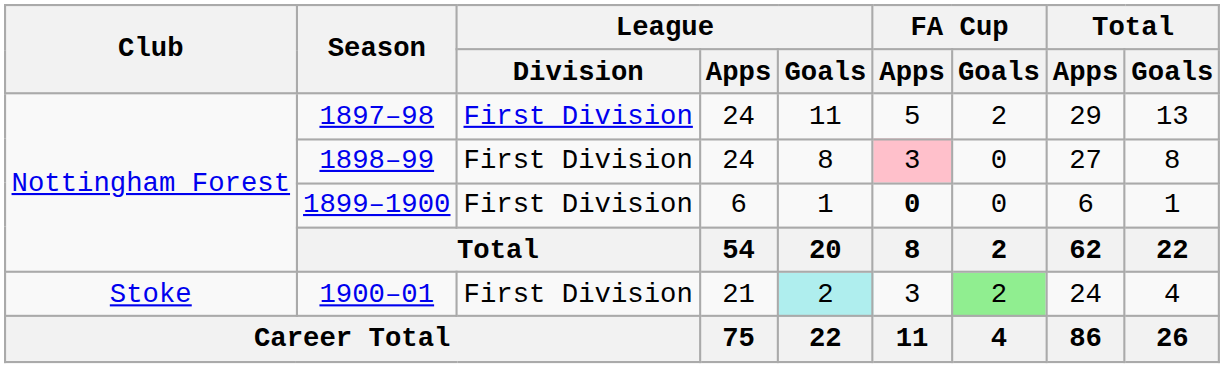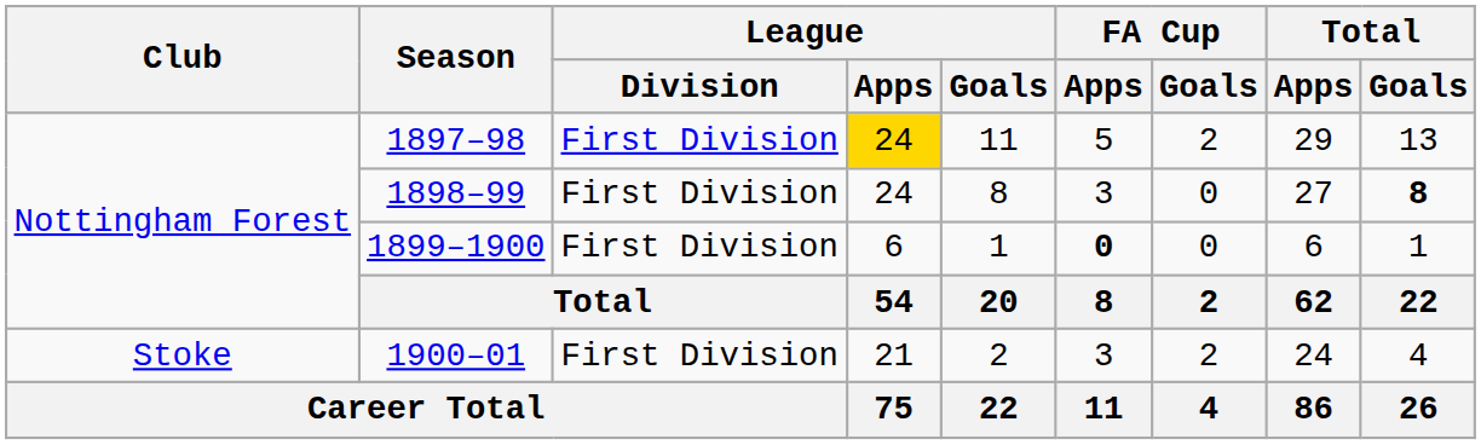 <table class="wikitable" style="text-align: center;">
 <tr>
 <th rowspan="2">Club</th>
 <th rowspan="2">Season</th>
 <th colspan="3">League</th>
 <th colspan="2">FA Cup</th>
 <th colspan="2">Total</th>
 </tr>
 <tr>
 <th>Division</th>
 <th>Apps</th>
 <th>Goals</th>
 <th>Apps</th>
 <th>Goals</th>
 <th>Apps</th>
 <th>Goals</th>
 </tr>
 <tr>
 <td rowspan="4"><a href='#'>Nottingham Forest</a></td>
 <td><a href='#'>1897–98</a></td>
 <td><a href='#'>First Division</a></td>
-<td>24</td>
+<td style="background: gold;">24</td>
 <td>11</td>
 <td>5</td>
 <td>2</td>
 <td>29</td>
 <td>13</td>
 </tr>
 <tr>
 <td><a href='#'>1898–99</a></td>
 <td>First Division</td>
 <td>24</td>
 <td>8</td>
-<td style="background: pink;">3</td>
+<td>3</td>
 <td>0</td>
 <td>27</td>
-<td>8</td>
+<td><strong>8</strong></td>
 </tr>
 <tr>
 <td><a href='#'>1899–1900</a></td>
 <td>First Division</td>
 <td>6</td>
 <td>1</td>
 <td><strong>0</strong></td>
 <td>0</td>
 <td>6</td>
 <td>1</td>
 </tr>
 <tr>
 <th colspan=2>Total</th>
 <th>54</th>
 <th>20</th>
 <th>8</th>
 <th>2</th>
 <th>62</th>
 <th>22</th>
 </tr>
 <tr>
 <td><a href='#'>Stoke</a></td>
 <td><a href='#'>1900–01</a></td>
 <td>First Division</td>
 <td>21</td>
-<td style="background: paleturquoise;">2</td>
+<td>2</td>
 <td>3</td>
-<td style="background: lightgreen;">2</td>
+<td>2</td>
 <td>24</td>
 <td>4</td>
 </tr>
 <tr>
 <th colspan="3">Career Total</th>
 <th>75</th>
 <th>22</th>
 <th>11</th>
 <th>4</th>
 <th>86</th>
 <th>26</th>
 </tr>
 </table>
